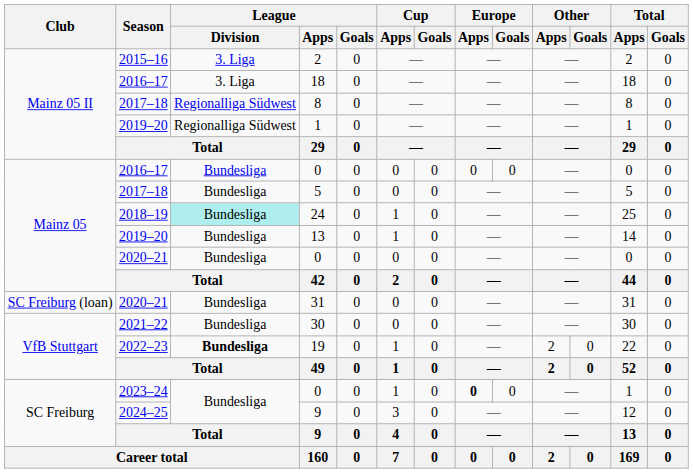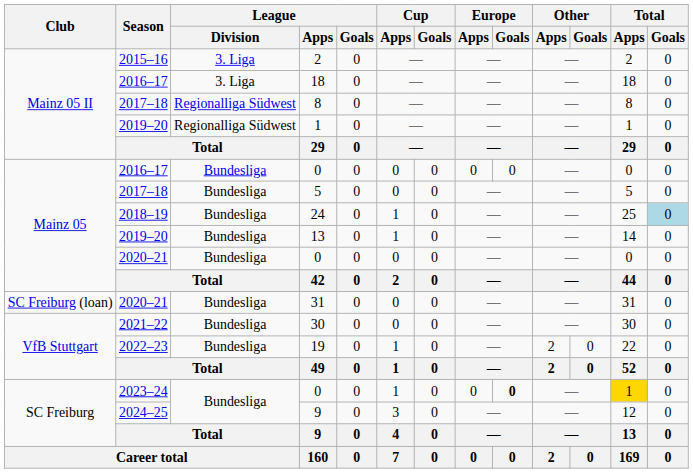 <table class="wikitable" style="text-align:center">
 <tr>
 <th rowspan="2">Club</th>
 <th rowspan="2">Season</th>
 <th colspan="3">League</th>
 <th colspan="2">Cup</th>
 <th colspan="2">Europe</th>
 <th colspan="2">Other</th>
 <th colspan="2">Total</th>
 </tr>
 <tr>
 <th>Division</th>
 <th>Apps</th>
 <th>Goals</th>
 <th>Apps</th>
 <th>Goals</th>
 <th>Apps</th>
 <th>Goals</th>
 <th>Apps</th>
 <th>Goals</th>
 <th>Apps</th>
 <th>Goals</th>
 </tr>
 <tr>
 <td rowspan="5"><a href='#'>Mainz 05 II</a></td>
 <td><a href='#'>2015–16</a></td>
 <td><a href='#'>3. Liga</a></td>
 <td>2</td>
 <td>0</td>
 <td colspan="2">—</td>
 <td colspan="2">—</td>
 <td colspan="2">—</td>
 <td>2</td>
 <td>0</td>
 </tr>
 <tr>
 <td><a href='#'>2016–17</a></td>
 <td>3. Liga</td>
 <td>18</td>
 <td>0</td>
 <td colspan="2">—</td>
 <td colspan="2">—</td>
 <td colspan="2">—</td>
 <td>18</td>
 <td>0</td>
 </tr>
 <tr>
 <td><a href='#'>2017–18</a></td>
 <td><a href='#'>Regionalliga Südwest</a></td>
 <td>8</td>
 <td>0</td>
 <td colspan="2">—</td>
 <td colspan="2">—</td>
 <td colspan="2">—</td>
 <td>8</td>
 <td>0</td>
 </tr>
 <tr>
 <td><a href='#'>2019–20</a></td>
 <td>Regionalliga Südwest</td>
 <td>1</td>
 <td>0</td>
 <td colspan="2">—</td>
 <td colspan="2">—</td>
 <td colspan="2">—</td>
 <td>1</td>
 <td>0</td>
 </tr>
 <tr>
 <th colspan="2">Total</th>
 <th>29</th>
 <th>0</th>
 <th colspan="2">—</th>
 <th colspan="2">—</th>
 <th colspan="2">—</th>
 <th>29</th>
 <th>0</th>
 </tr>
 <tr>
 <td rowspan="6"><a href='#'>Mainz 05</a></td>
 <td><a href='#'>2016–17</a></td>
 <td><a href='#'>Bundesliga</a></td>
 <td>0</td>
 <td>0</td>
 <td>0</td>
 <td>0</td>
 <td>0</td>
 <td>0</td>
 <td colspan="2">—</td>
 <td>0</td>
 <td>0</td>
 </tr>
 <tr>
 <td><a href='#'>2017–18</a></td>
 <td>Bundesliga</td>
 <td>5</td>
 <td>0</td>
 <td>0</td>
 <td>0</td>
 <td colspan="2">—</td>
 <td colspan="2">—</td>
 <td>5</td>
 <td>0</td>
 </tr>
 <tr>
 <td><a href='#'>2018–19</a></td>
-<td style="background: paleturquoise;">Bundesliga</td>
+<td>Bundesliga</td>
 <td>24</td>
 <td>0</td>
 <td>1</td>
 <td>0</td>
 <td colspan="2">—</td>
 <td colspan="2">—</td>
 <td>25</td>
-<td>0</td>
+<td style="background: lightblue;">0</td>
 </tr>
 <tr>
 <td><a href='#'>2019–20</a></td>
 <td>Bundesliga</td>
 <td>13</td>
 <td>0</td>
 <td>1</td>
 <td>0</td>
 <td colspan="2">—</td>
 <td colspan="2">—</td>
 <td>14</td>
 <td>0</td>
 </tr>
 <tr>
 <td><a href='#'>2020–21</a></td>
 <td>Bundesliga</td>
 <td>0</td>
 <td>0</td>
 <td>0</td>
 <td>0</td>
 <td colspan="2">—</td>
 <td colspan="2">—</td>
 <td>0</td>
 <td>0</td>
 </tr>
 <tr>
 <th colspan="2">Total</th>
 <th>42</th>
 <th>0</th>
 <th>2</th>
 <th>0</th>
 <th colspan="2">—</th>
 <th colspan="2">—</th>
 <th>44</th>
 <th>0</th>
 </tr>
 <tr>
 <td><a href='#'>SC Freiburg</a> (loan)</td>
 <td><a href='#'>2020–21</a></td>
 <td>Bundesliga</td>
 <td>31</td>
 <td>0</td>
 <td>0</td>
 <td>0</td>
 <td colspan="2">—</td>
 <td colspan="2">—</td>
 <td>31</td>
 <td>0</td>
 </tr>
 <tr>
 <td rowspan="3"><a href='#'>VfB Stuttgart</a></td>
 <td><a href='#'>2021–22</a></td>
 <td>Bundesliga</td>
 <td>30</td>
 <td>0</td>
 <td>0</td>
 <td>0</td>
 <td colspan="2">—</td>
 <td colspan="2">—</td>
 <td>30</td>
 <td>0</td>
 </tr>
 <tr>
 <td><a href='#'>2022–23</a></td>
-<td><strong>Bundesliga</strong></td>
+<td>Bundesliga</td>
 <td>19</td>
 <td>0</td>
 <td>1</td>
 <td>0</td>
 <td colspan="2">—</td>
 <td>2</td>
 <td>0</td>
 <td>22</td>
 <td>0</td>
 </tr>
 <tr>
 <th colspan="2">Total</th>
 <th>49</th>
 <th>0</th>
 <th>1</th>
 <th>0</th>
 <th colspan="2">—</th>
 <th>2</th>
 <th>0</th>
 <th>52</th>
 <th>0</th>
 </tr>
 <tr>
 <td rowspan="3">SC Freiburg</td>
 <td><a href='#'>2023–24</a></td>
 <td rowspan="2">Bundesliga</td>
 <td>0</td>
 <td>0</td>
 <td>1</td>
 <td>0</td>
+<td>0</td>
 <td><strong>0</strong></td>
-<td>0</td>
 <td colspan="2">—</td>
-<td>1</td>
+<td style="background: gold;">1</td>
 <td>0</td>
 </tr>
 <tr>
 <td><a href='#'>2024–25</a></td>
 <td>9</td>
 <td>0</td>
 <td>3</td>
 <td>0</td>
 <td colspan="2">—</td>
 <td colspan="2">—</td>
 <td>12</td>
 <td>0</td>
 </tr>
 <tr>
 <th colspan="2">Total</th>
 <th>9</th>
 <th>0</th>
 <th>4</th>
 <th>0</th>
 <th colspan="2">—</th>
 <th colspan="2">—</th>
 <th>13</th>
 <th>0</th>
 </tr>
 <tr>
 <th colspan="3">Career total</th>
 <th>160</th>
 <th>0</th>
 <th>7</th>
 <th>0</th>
 <th>0</th>
 <th>0</th>
 <th>2</th>
 <th>0</th>
 <th>169</th>
 <th>0</th>
 </tr>
 </table>
